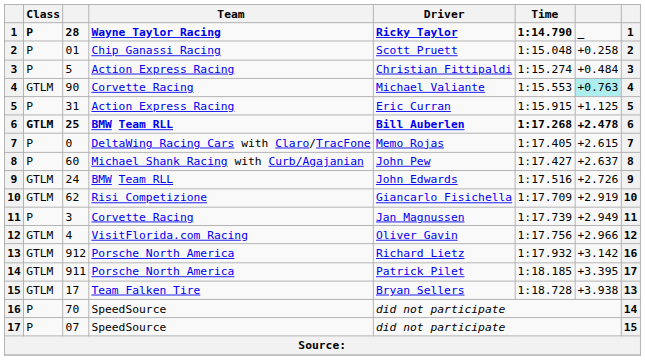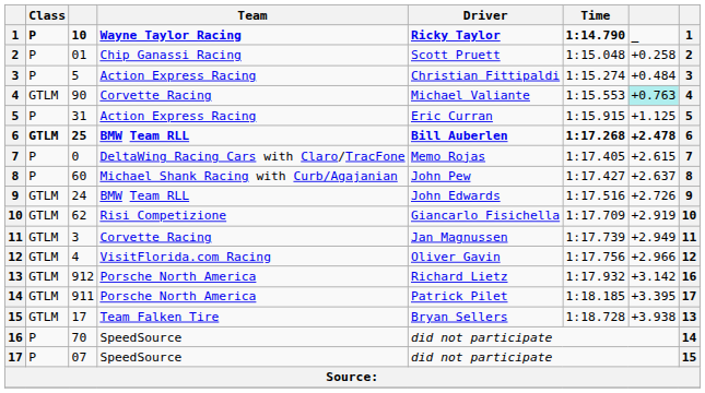 <table class="wikitable">
 <tr>
 <th scope="col"></th>
 <th scope="col">Class</th>
 <th scope="col"></th>
 <th scope="col">Team</th>
 <th scope="col">Driver</th>
 <th scope="col">Time</th>
 <th scope="col"></th>
 <th scope="col"></th>
 </tr>
 <tr>
 <th scope="row">1</th>
 <td><strong>P</strong></td>
-<td><strong>28</strong></td>
+<td><strong>10</strong></td>
 <td><strong> <a href='#'>Wayne Taylor Racing</a></strong></td>
 <td><strong> <a href='#'>Ricky Taylor</a></strong></td>
 <td><strong>1:14.790</strong></td>
 <td><strong>_</strong></td>
 <th><strong>1</strong></th>
 </tr>
 <tr>
 <th scope="row">2</th>
 <td>P</td>
 <td>01</td>
 <td> <a href='#'>Chip Ganassi Racing</a></td>
 <td> <a href='#'>Scott Pruett</a></td>
 <td>1:15.048</td>
 <td>+0.258</td>
 <th>2</th>
 </tr>
 <tr>
 <th scope="row">3</th>
 <td>P</td>
 <td>5</td>
 <td> <a href='#'>Action Express Racing</a></td>
 <td> <a href='#'>Christian Fittipaldi</a></td>
 <td>1:15.274</td>
 <td>+0.484</td>
 <th>3</th>
 </tr>
 <tr>
 <th scope="row">4</th>
 <td>GTLM</td>
 <td>90</td>
 <td> <a href='#'>Corvette Racing</a></td>
 <td> <a href='#'>Michael Valiante</a></td>
 <td>1:15.553</td>
 <td style="background: paleturquoise;">+0.763</td>
 <th>4</th>
 </tr>
 <tr>
 <th scope="row">5</th>
 <td>P</td>
 <td>31</td>
 <td> <a href='#'>Action Express Racing</a></td>
 <td> <a href='#'>Eric Curran</a></td>
 <td>1:15.915</td>
 <td>+1.125</td>
 <th>5</th>
 </tr>
 <tr>
 <th scope="row">6</th>
 <td><strong>GTLM</strong></td>
 <td><strong>25</strong></td>
 <td><strong> <a href='#'>BMW</a> <a href='#'>Team RLL</a></strong></td>
 <td><strong> <a href='#'>Bill Auberlen</a></strong></td>
 <td><strong>1:17.268</strong></td>
 <td><strong>+2.478</strong></td>
 <th>6</th>
 </tr>
 <tr>
 <th scope="row">7</th>
 <td>P</td>
 <td>0</td>
 <td> <a href='#'>DeltaWing Racing Cars</a> with <a href='#'>Claro</a>/<a href='#'>TracFone</a></td>
 <td> <a href='#'>Memo Rojas</a></td>
 <td>1:17.405</td>
 <td>+2.615</td>
 <th><strong>7</strong></th>
 </tr>
 <tr>
 <th scope="row">8</th>
 <td>P</td>
 <td>60</td>
 <td> <a href='#'>Michael Shank Racing</a> with <a href='#'>Curb/Agajanian</a></td>
 <td> <a href='#'>John Pew</a></td>
 <td>1:17.427</td>
 <td>+2.637</td>
 <th>8</th>
 </tr>
 <tr>
 <th scope="row">9</th>
 <td>GTLM</td>
 <td>24</td>
 <td> <a href='#'>BMW</a> <a href='#'>Team RLL</a></td>
 <td> <a href='#'>John Edwards</a></td>
 <td>1:17.516</td>
 <td>+2.726</td>
 <th>9</th>
 </tr>
 <tr>
 <th scope="row">10</th>
 <td>GTLM</td>
 <td>62</td>
 <td> <a href='#'>Risi Competizione</a></td>
 <td> <a href='#'>Giancarlo Fisichella</a></td>
 <td>1:17.709</td>
 <td>+2.919</td>
 <th><strong>10</strong></th>
 </tr>
 <tr>
 <th scope="row">11</th>
-<td>P</td>
+<td>GTLM</td>
 <td>3</td>
 <td> <a href='#'>Corvette Racing</a></td>
 <td> <a href='#'>Jan Magnussen</a></td>
 <td>1:17.739</td>
 <td>+2.949</td>
 <th>11</th>
 </tr>
 <tr>
 <th scope="row">12</th>
 <td>GTLM</td>
 <td>4</td>
 <td> <a href='#'>VisitFlorida.com Racing</a></td>
 <td> <a href='#'>Oliver Gavin</a></td>
 <td>1:17.756</td>
 <td>+2.966</td>
 <th>12</th>
 </tr>
 <tr>
 <th scope="row">13</th>
 <td>GTLM</td>
 <td>912</td>
 <td> <a href='#'>Porsche North America</a></td>
 <td> <a href='#'>Richard Lietz</a></td>
 <td>1:17.932</td>
 <td>+3.142</td>
 <th><strong>16</strong></th>
 </tr>
 <tr>
 <th scope="row">14</th>
 <td>GTLM</td>
 <td>911</td>
 <td> <a href='#'>Porsche North America</a></td>
 <td> <a href='#'>Patrick Pilet</a></td>
 <td>1:18.185</td>
 <td>+3.395</td>
 <th>17</th>
 </tr>
 <tr>
 <th scope="row">15</th>
 <td>GTLM</td>
 <td>17</td>
 <td> <a href='#'>Team Falken Tire</a></td>
 <td> <a href='#'>Bryan Sellers</a></td>
 <td>1:18.728</td>
 <td>+3.938</td>
 <th>13</th>
 </tr>
 <tr>
 <th scope="row">16</th>
 <td>P</td>
 <td>70</td>
 <td> SpeedSource</td>
 <td colspan="3"><em>did not participate</em></td>
 <th>14</th>
 </tr>
 <tr>
 <th scope="row">17</th>
 <td>P</td>
 <td>07</td>
 <td> SpeedSource</td>
 <td colspan="3"><em>did not participate</em></td>
 <th>15</th>
 </tr>
 <tr>
 <th colspan="8">Source:</th>
 </tr>
 <tr>
 </tr>
 </table>
